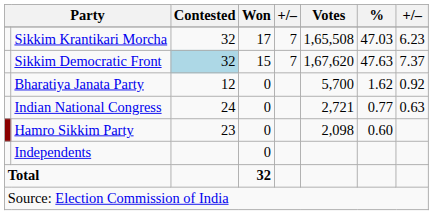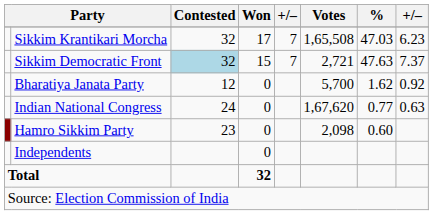 <table class="wikitable sortable">
 <tr>
 <th colspan=2>Party</th>
 <th>Contested</th>
 <th>Won</th>
 <th>+/–</th>
 <th>Votes</th>
 <th>%</th>
 <th>+/–</th>
 </tr>
 <tr>
 </tr>
 <tr>
 <td></td>
 <td><a href='#'>Sikkim Krantikari Morcha</a></td>
 <td align="right">32</td>
 <td align="right">17</td>
 <td align="right">7</td>
 <td align="right">1,65,508</td>
 <td align="right">47.03</td>
 <td align="right">6.23</td>
 </tr>
 <tr>
 <td></td>
 <td><a href='#'>Sikkim Democratic Front</a></td>
 <td align="right" style="background: lightblue;">32</td>
 <td align="right">15</td>
 <td align="right">7</td>
-<td align="right">1,67,620</td>
+<td align="right">2,721</td>
 <td align="right">47.63</td>
 <td align="right">7.37</td>
 </tr>
 <tr>
 <td></td>
 <td><a href='#'>Bharatiya Janata Party</a></td>
 <td align="right">12</td>
 <td align="right">0</td>
 <td align="right"></td>
 <td align="right">5,700</td>
 <td align="right">1.62</td>
 <td align="right">0.92</td>
 </tr>
 <tr>
 <td></td>
 <td><a href='#'>Indian National Congress</a></td>
 <td align="right">24</td>
 <td align="right">0</td>
 <td align="right"></td>
-<td align="right">2,721</td>
+<td align="right">1,67,620</td>
 <td align="right">0.77</td>
 <td align="right">0.63</td>
 </tr>
 <tr>
 <td bgcolor=darkred></td>
 <td><a href='#'>Hamro Sikkim Party</a></td>
 <td align="right">23</td>
 <td align="right">0</td>
 <td align="right"></td>
 <td align="right">2,098</td>
 <td align="right">0.60</td>
 <td align="right"></td>
 </tr>
 <tr>
 <td></td>
 <td><a href='#'>Independents</a></td>
 <td align="right"></td>
 <td align="right">0</td>
 <td align="right"></td>
 <td align="right"></td>
 <td align="right"></td>
 <td align="right"></td>
 </tr>
 <tr>
 <td colspan="2"><strong>Total</strong></td>
 <td align="right"></td>
 <td align="right"><strong>32</strong></td>
 <td align="right"></td>
 <td></td>
 <td></td>
 <td></td>
 </tr>
 <tr>
 <td colspan="8" align="left">Source: <a href='#'>Election Commission of India</a></td>
 </tr>
 </table>
